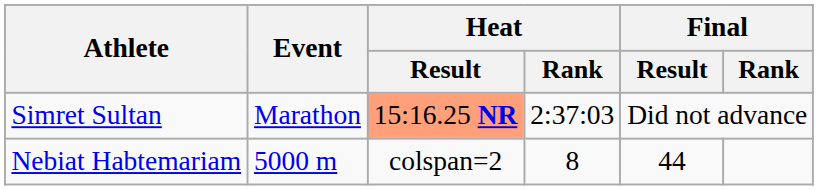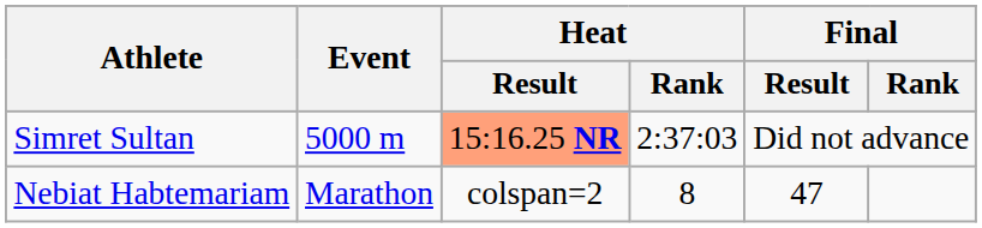 <table class="wikitable" style="font-size:90%">
 <tr>
 <th rowspan="2">Athlete</th>
 <th rowspan="2">Event</th>
 <th colspan="2">Heat</th>
 <th colspan="2">Final</th>
 </tr>
 <tr style="font-size:95%">
 <th>Result</th>
 <th>Rank</th>
 <th>Result</th>
 <th>Rank</th>
 </tr>
 <tr align=center>
 <td align=left><a href='#'>Simret Sultan</a></td>
-<td align=left><a href='#'>Marathon</a></td>
+<td align=left><a href='#'>5000 m</a></td>
 <td style="background: lightsalmon;">15:16.25 <strong><a href='#'>NR</a></strong></td>
 <td>2:37:03</td>
 <td colspan=2>Did not advance</td>
 </tr>
 <tr align=center>
 <td align=left><a href='#'>Nebiat Habtemariam</a></td>
-<td align=left><a href='#'>5000 m</a></td>
+<td align=left><a href='#'>Marathon</a></td>
 <td>colspan=2 </td>
 <td>8</td>
-<td>44</td>
+<td>47</td>
 </tr>
 </table>
